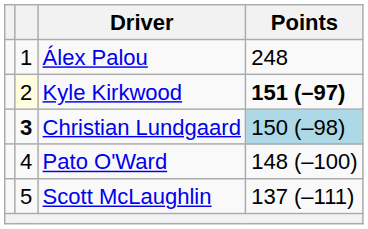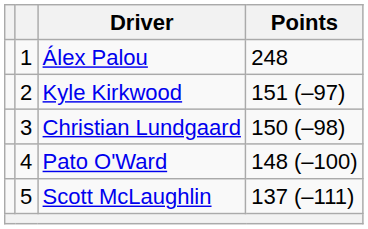 <table class="wikitable" style="font-size: 95%;">
 <tr>
 <th scope="col"></th>
 <th scope="col"></th>
 <th scope="col">Driver</th>
 <th scope="col">Points</th>
 </tr>
 <tr>
 <td align="left"></td>
 <td align="center">1</td>
 <td> <a href='#'>Álex Palou</a></td>
 <td align="left">248</td>
 </tr>
 <tr>
 <td align="left"></td>
-<td align="center" style="background: lightyellow;">2</td>
+<td align="center">2</td>
 <td> <a href='#'>Kyle Kirkwood</a></td>
-<td align="left"><strong>151 (–97)</strong></td>
+<td align="left">151 (–97)</td>
 </tr>
 <tr>
 <td align="left"></td>
-<td align="center"><strong>3</strong></td>
+<td align="center">3</td>
 <td> <a href='#'>Christian Lundgaard</a></td>
-<td align="left" style="background: lightblue;">150 (–98)</td>
+<td align="left">150 (–98)</td>
 </tr>
 <tr>
 <td align="left"></td>
 <td align="center">4</td>
 <td> <a href='#'>Pato O'Ward</a></td>
 <td align="left">148 (–100)</td>
 </tr>
 <tr>
 <td align="left"></td>
 <td align="center">5</td>
 <td> <a href='#'>Scott McLaughlin</a></td>
 <td align="left">137 (–111)</td>
 </tr>
 <tr>
 <th colspan=4></th>
 </tr>
 </table>
